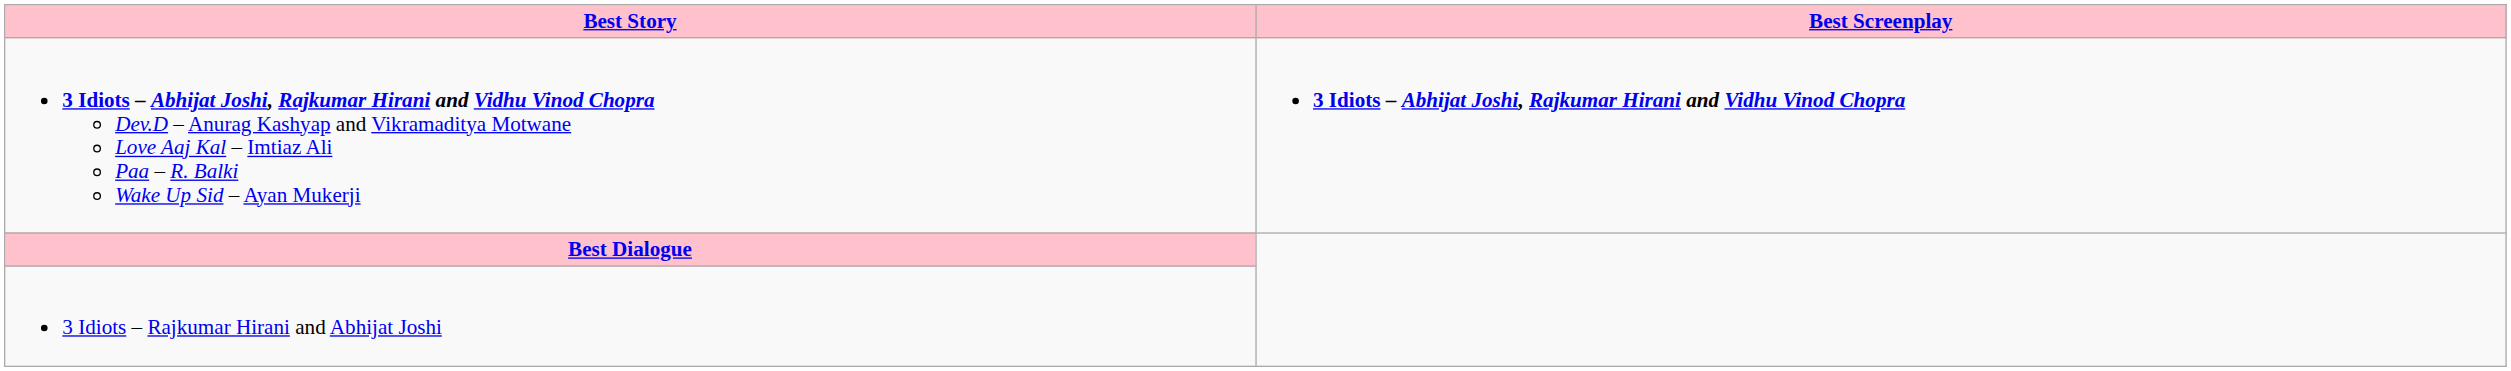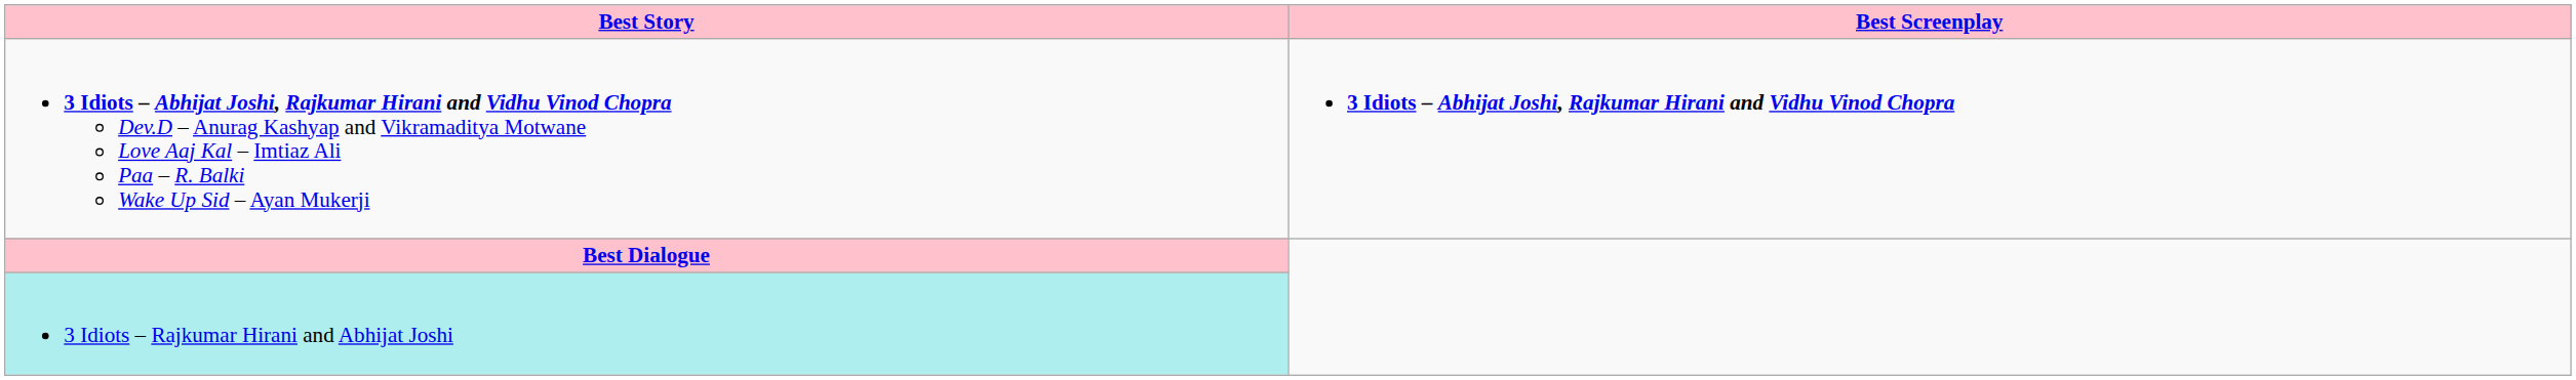 <table class=wikitable style="width:150%">
 <tr>
 <th style="background:#FFC1CC;" ! style="width=50%"><a href='#'>Best Story</a></th>
 <th style="background:#FFC1CC;" ! style="width=50%"><a href='#'>Best Screenplay</a></th>
 </tr>
 <tr>
 <td valign="top"><br><ul><li><strong><a href='#'>3 Idiots</a> – <em><a href='#'>Abhijat Joshi</a>, <a href='#'>Rajkumar Hirani</a> and <a href='#'>Vidhu Vinod Chopra</a></em> </strong><ul><li><em><a href='#'>Dev.D</a></em> – <a href='#'>Anurag Kashyap</a> and <a href='#'>Vikramaditya Motwane</a></li><li><em><a href='#'>Love Aaj Kal</a></em> – <a href='#'>Imtiaz Ali</a></li><li><em><a href='#'>Paa</a> – <a href='#'>R. Balki</a></em></li><li><em><a href='#'>Wake Up Sid</a></em> – <a href='#'>Ayan Mukerji</a></li></ul></li></ul></td>
 <td valign="top"><br><ul><li><strong><a href='#'>3 Idiots</a> – <em><a href='#'>Abhijat Joshi</a>, <a href='#'>Rajkumar Hirani</a> and <a href='#'>Vidhu Vinod Chopra</a><strong><em></li></ul></td>
 </tr>
 <tr>
 <th style="background:#FFC1CC;" ! style="width=50%"><a href='#'>Best Dialogue</a></th>
 </tr>
 <tr>
-<td valign="top"><br><ul><li></strong><a href='#'>3 Idiots</a> – </em><a href='#'>Rajkumar Hirani</a> and <a href='#'>Abhijat Joshi</a><em> <strong></li></ul></td>
+<td valign="top" style="background: paleturquoise;"><br><ul><li></strong><a href='#'>3 Idiots</a> – </em><a href='#'>Rajkumar Hirani</a> and <a href='#'>Abhijat Joshi</a><em> <strong></li></ul></td>
 </tr>
 </table>
